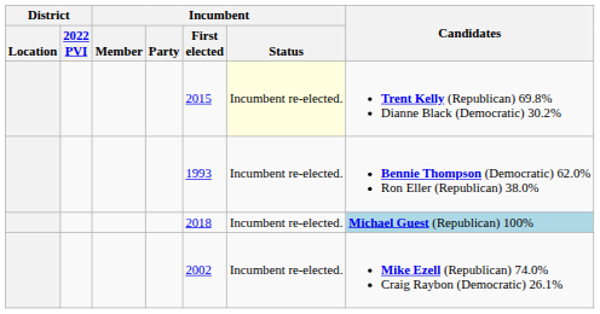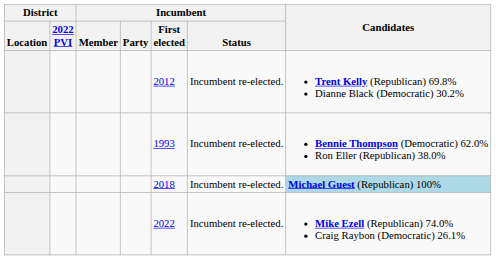 <table class="wikitable sortable">
 <tr>
 <th colspan=2>District</th>
 <th colspan=4>Incumbent</th>
 <th rowspan=2 class="unsortable">Candidates</th>
 </tr>
 <tr valign=bottom>
 <th>Location</th>
 <th><a href='#'>2022<br>PVI</a></th>
 <th>Member</th>
 <th>Party</th>
 <th>First<br>elected</th>
 <th>Status</th>
 </tr>
 <tr>
 <th></th>
 <td></td>
 <td></td>
 <td></td>
-<td><a href='#'>2015 </a></td>
-<td style="background: lightyellow;">Incumbent re-elected.</td>
+<td><a href='#'>2012 </a></td>
+<td>Incumbent re-elected.</td>
 <td nowrap><br><ul><li> <strong><a href='#'>Trent Kelly</a></strong> (Republican) 69.8%</li><li>Dianne Black (Democratic) 30.2%</li></ul></td>
 </tr>
 <tr>
 <th></th>
 <td></td>
 <td></td>
 <td></td>
 <td><a href='#'>1993 </a></td>
 <td>Incumbent re-elected.</td>
 <td nowrap><br><ul><li> <strong><a href='#'>Bennie Thompson</a></strong> (Democratic) 62.0%</li><li>Ron Eller (Republican) 38.0%</li></ul></td>
 </tr>
 <tr>
 <th></th>
 <td></td>
 <td></td>
 <td></td>
 <td><a href='#'>2018</a></td>
 <td>Incumbent re-elected.</td>
 <td nowrap style="background: lightblue;"> <strong><a href='#'>Michael Guest</a></strong> (Republican) 100%</td>
 </tr>
 <tr>
 <th></th>
 <td></td>
 <td></td>
 <td></td>
-<td><a href='#'>2002</a></td>
+<td><a href='#'>2022</a></td>
 <td>Incumbent re-elected.</td>
 <td nowrap><br><ul><li> <strong><a href='#'>Mike Ezell</a></strong> (Republican) 74.0%</li><li>Craig Raybon (Democratic) 26.1%</li></ul></td>
 </tr>
 </table>
